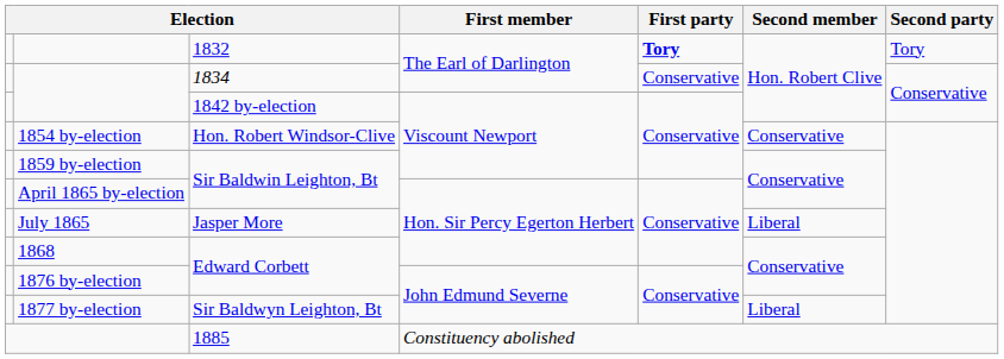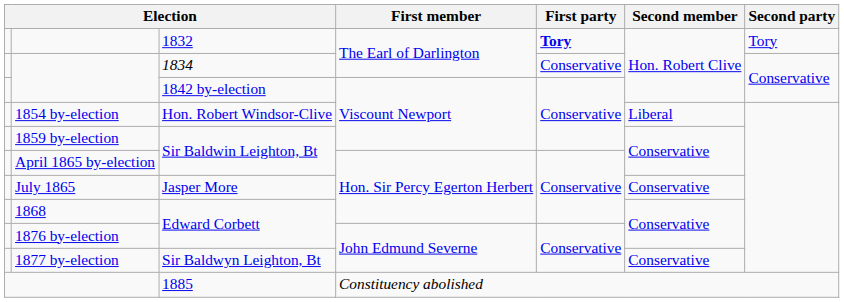 <table class="wikitable">
 <tr>
 <th colspan="3">Election</th>
 <th>First member</th>
 <th>First party</th>
 <th>Second member</th>
 <th>Second party</th>
 </tr>
 <tr>
 <td style="color:inherit;background-color: "></td>
 <td style="color:inherit;background-color: "></td>
 <td><a href='#'>1832</a></td>
 <td rowspan="2"><a href='#'>The Earl of Darlington</a></td>
 <td><strong><a href='#'>Tory</a></strong></td>
 <td rowspan="3"><a href='#'>Hon. Robert Clive</a></td>
 <td><a href='#'>Tory</a></td>
 </tr>
 <tr>
 <td style="color:inherit;background-color: "></td>
 <td rowspan="2" style="color:inherit;background-color: "></td>
 <td><em>1834</em></td>
 <td><a href='#'>Conservative</a></td>
 <td rowspan="2"><a href='#'>Conservative</a></td>
 </tr>
 <tr>
 <td style="color:inherit;background-color: "></td>
 <td><a href='#'>1842 by-election</a></td>
 <td rowspan="3"><a href='#'>Viscount Newport</a></td>
 <td rowspan="3"><a href='#'>Conservative</a></td>
 </tr>
 <tr>
 <td style="color:inherit;background-color: "></td>
 <td><a href='#'>1854 by-election</a></td>
 <td><a href='#'>Hon. Robert Windsor-Clive</a></td>
-<td><a href='#'>Conservative</a></td>
+<td><a href='#'>Liberal</a></td>
 </tr>
 <tr>
 <td style="color:inherit;background-color: "></td>
 <td><a href='#'>1859 by-election</a></td>
 <td rowspan="2"><a href='#'>Sir Baldwin Leighton, Bt</a></td>
 <td rowspan="2"><a href='#'>Conservative</a></td>
 </tr>
 <tr>
 <td style="color:inherit;background-color: "></td>
 <td><a href='#'>April 1865 by-election</a></td>
 <td rowspan="3"><a href='#'>Hon. Sir Percy Egerton Herbert</a></td>
 <td rowspan="3"><a href='#'>Conservative</a></td>
 </tr>
 <tr>
 <td style="color:inherit;background-color: "></td>
 <td><a href='#'>July 1865</a></td>
 <td><a href='#'>Jasper More</a></td>
-<td><a href='#'>Liberal</a></td>
+<td><a href='#'>Conservative</a></td>
 </tr>
 <tr>
 <td style="color:inherit;background-color: "></td>
 <td><a href='#'>1868</a></td>
 <td rowspan="2"><a href='#'>Edward Corbett</a></td>
 <td rowspan="2"><a href='#'>Conservative</a></td>
 </tr>
 <tr>
 <td style="color:inherit;background-color: "></td>
 <td><a href='#'>1876 by-election</a></td>
 <td rowspan="2"><a href='#'>John Edmund Severne</a></td>
 <td rowspan="2"><a href='#'>Conservative</a></td>
 </tr>
 <tr>
 <td style="color:inherit;background-color: "></td>
 <td><a href='#'>1877 by-election</a></td>
 <td><a href='#'>Sir Baldwyn Leighton, Bt</a></td>
-<td><a href='#'>Liberal</a></td>
+<td><a href='#'>Conservative</a></td>
 </tr>
 <tr>
 <td colspan="2"></td>
 <td><a href='#'>1885</a></td>
 <td colspan="4"><em>Constituency abolished</em></td>
 </tr>
 </table>
